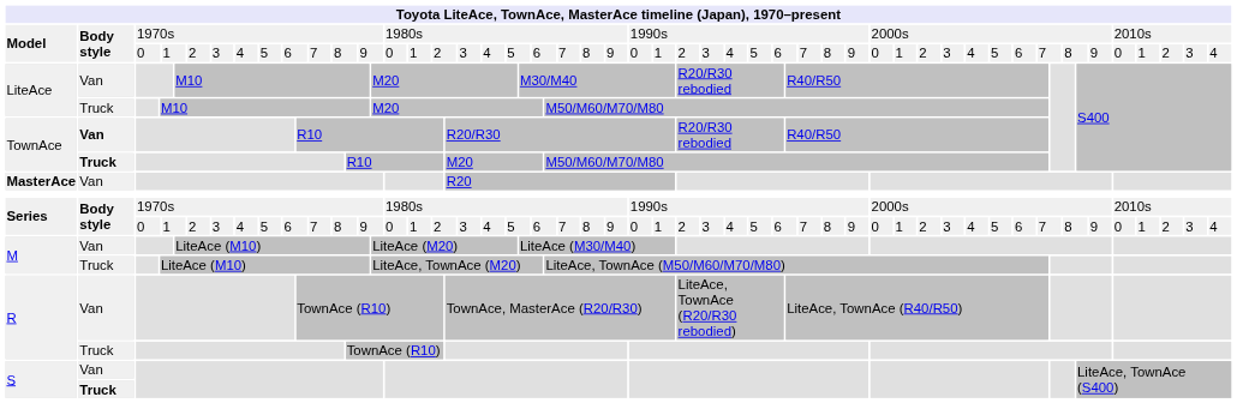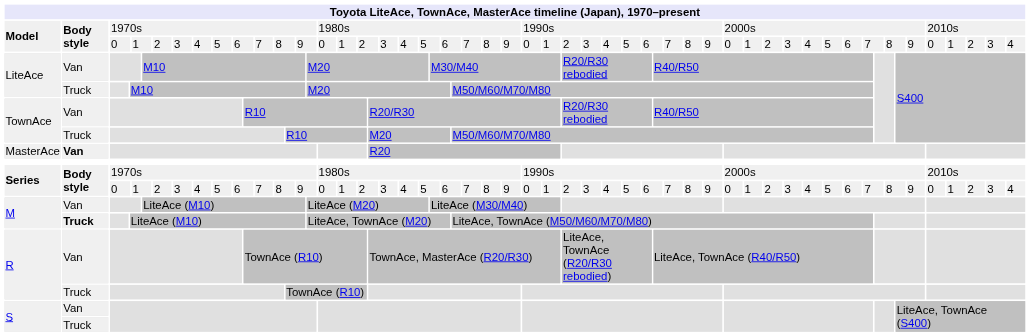 <table class = "toccolours" style="font-size:88%">
 <tr>
 <th colspan = "92" style="background:lavender">Toyota LiteAce, TownAce, MasterAce timeline (Japan), 1970–present</th>
 </tr>
 <tr style="background:#F0F0F0;">
 <td rowspan = 2 width = 5%><strong>Model</strong></td>
 <td rowspan = 2 width = 5%><strong>Body style</strong></td>
 <td colspan = 20 width = 20%>1970s</td>
 <td colspan = 20 width = 20%>1980s</td>
 <td colspan = 20 width = 20%>1990s</td>
 <td colspan = 20 width = 20%>2000s</td>
 <td colspan = 10 width = 20%>2010s</td>
 </tr>
 <tr style="background:#F0F0F0;">
 <td colspan = 2 width = 2%>0</td>
 <td colspan = 2 width = 2%>1</td>
 <td colspan = 2 width = 2%>2</td>
 <td colspan = 2 width = 2%>3</td>
 <td colspan = 2 width = 2%>4</td>
 <td colspan = 2 width = 2%>5</td>
 <td colspan = 2 width = 2%>6</td>
 <td colspan = 2 width = 2%>7</td>
 <td colspan = 2 width = 2%>8</td>
 <td colspan = 2 width = 2%>9</td>
 <td colspan = 2 width = 2%>0</td>
 <td colspan = 2 width = 2%>1</td>
 <td colspan = 2 width = 2%>2</td>
 <td colspan = 2 width = 2%>3</td>
 <td colspan = 2 width = 2%>4</td>
 <td colspan = 2 width = 2%>5</td>
 <td colspan = 2 width = 2%>6</td>
 <td colspan = 2 width = 2%>7</td>
 <td colspan = 2 width = 2%>8</td>
 <td colspan = 2 width = 2%>9</td>
 <td colspan = 2 width = 2%>0</td>
 <td colspan = 2 width = 2%>1</td>
 <td colspan = 2 width = 2%>2</td>
 <td colspan = 2 width = 2%>3</td>
 <td colspan = 2 width = 2%>4</td>
 <td colspan = 2 width = 2%>5</td>
 <td colspan = 2 width = 2%>6</td>
 <td colspan = 2 width = 2%>7</td>
 <td colspan = 2 width = 2%>8</td>
 <td colspan = 2 width = 2%>9</td>
 <td colspan = 2 width = 2%>0</td>
 <td colspan = 2 width = 2%>1</td>
 <td colspan = 2 width = 2%>2</td>
 <td colspan = 2 width = 2%>3</td>
 <td colspan = 2 width = 2%>4</td>
 <td colspan = 2 width = 2%>5</td>
 <td colspan = 2 width = 2%>6</td>
 <td colspan = 2 width = 2%>7</td>
 <td colspan = 2 width = 2%>8</td>
 <td colspan = 2 width = 2%>9</td>
 <td colspan = 2 width = 2%>0</td>
 <td colspan = 2 width = 2%>1</td>
 <td colspan = 2 width = 2%>2</td>
 <td colspan = 2 width = 2%>3</td>
 <td colspan = 2 width = 2%>4</td>
 </tr>
 <tr style="background:#E0E0E0;">
 <td rowspan = 2 style="background:#F0F0F0;">LiteAce</td>
 <td style="background:#F0F0F0;">Van</td>
 <td colspan = 3></td>
 <td colspan = 16 style="background:#C0C0C0;"><a href='#'>M10</a></td>
 <td colspan = 12 style="background:#C0C0C0;"><a href='#'>M20</a></td>
 <td colspan = 13 style="background:#C0C0C0;"><a href='#'>M30/M40</a></td>
 <td colspan = 9 style="background:#C0C0C0;"><a href='#'>R20/R30 rebodied</a></td>
 <td colspan = 22 style="background:#C0C0C0;"><a href='#'>R40/R50</a></td>
 <td colspan = 2 rowspan = 4></td>
 <td colspan = 13 rowspan = 4 style="background:#C0C0C0;"><a href='#'>S400</a></td>
 </tr>
 <tr style="background:#E0E0E0;">
 <td style="background:#F0F0F0;">Truck</td>
 <td colspan = 1></td>
 <td colspan = 18 style="background:#C0C0C0;"><a href='#'>M10</a></td>
 <td colspan = 14 style="background:#C0C0C0;"><a href='#'>M20</a></td>
 <td colspan = 42 style="background:#C0C0C0;"><a href='#'>M50/M60/M70/M80</a></td>
 </tr>
 <tr style="background:#E0E0E0;">
 <td rowspan = 2 style="background:#F0F0F0;">TownAce</td>
-<td style="background:#F0F0F0;"><strong>Van</strong></td>
+<td style="background:#F0F0F0;">Van</td>
 <td colspan = 13></td>
 <td colspan = 12 style="background:#C0C0C0;"><a href='#'>R10</a></td>
 <td colspan = 19 style="background:#C0C0C0;"><a href='#'>R20/R30</a></td>
 <td colspan = 9 style="background:#C0C0C0;"><a href='#'>R20/R30 rebodied</a></td>
 <td colspan = 22 style="background:#C0C0C0;"><a href='#'>R40/R50</a></td>
 </tr>
 <tr style="background:#E0E0E0;">
-<td style="background:#F0F0F0;"><strong>Truck</strong></td>
+<td style="background:#F0F0F0;">Truck</td>
 <td colspan = 17></td>
 <td colspan = 8 style="background:#C0C0C0;"><a href='#'>R10</a></td>
 <td colspan = 8 style="background:#C0C0C0;"><a href='#'>M20</a></td>
 <td colspan = 42 style="background:#C0C0C0;"><a href='#'>M50/M60/M70/M80</a></td>
 </tr>
 <tr style="background:#E0E0E0;">
-<td style="background:#F0F0F0;"><strong>MasterAce</strong></td>
-<td style="background:#F0F0F0;">Van</td>
+<td style="background:#F0F0F0;">MasterAce</td>
+<td style="background:#F0F0F0;"><strong>Van</strong></td>
 <td colspan = 20></td>
 <td colspan = 5></td>
 <td colspan = 19 style="background:#C0C0C0;"><a href='#'>R20</a></td>
 <td colspan = 16></td>
 <td colspan = 20></td>
 <td colspan = 10></td>
 </tr>
 <tr>
 <td colspan = 92><div></div></td>
 </tr>
 <tr style="background:#E0E0E0;">
 </tr>
 <tr style="background:#F0F0F0;">
 <td rowspan = 2 width = 5%><strong>Series</strong></td>
 <td rowspan = 2 width = 5%><strong>Body style</strong></td>
 <td colspan = 20 width = 20%>1970s</td>
 <td colspan = 20 width = 20%>1980s</td>
 <td colspan = 20 width = 20%>1990s</td>
 <td colspan = 20 width = 20%>2000s</td>
 <td colspan = 10 width = 20%>2010s</td>
 </tr>
 <tr style="background:#F0F0F0;">
 <td colspan = 2 width = 2%>0</td>
 <td colspan = 2 width = 2%>1</td>
 <td colspan = 2 width = 2%>2</td>
 <td colspan = 2 width = 2%>3</td>
 <td colspan = 2 width = 2%>4</td>
 <td colspan = 2 width = 2%>5</td>
 <td colspan = 2 width = 2%>6</td>
 <td colspan = 2 width = 2%>7</td>
 <td colspan = 2 width = 2%>8</td>
 <td colspan = 2 width = 2%>9</td>
 <td colspan = 2 width = 2%>0</td>
 <td colspan = 2 width = 2%>1</td>
 <td colspan = 2 width = 2%>2</td>
 <td colspan = 2 width = 2%>3</td>
 <td colspan = 2 width = 2%>4</td>
 <td colspan = 2 width = 2%>5</td>
 <td colspan = 2 width = 2%>6</td>
 <td colspan = 2 width = 2%>7</td>
 <td colspan = 2 width = 2%>8</td>
 <td colspan = 2 width = 2%>9</td>
 <td colspan = 2 width = 2%>0</td>
 <td colspan = 2 width = 2%>1</td>
 <td colspan = 2 width = 2%>2</td>
 <td colspan = 2 width = 2%>3</td>
 <td colspan = 2 width = 2%>4</td>
 <td colspan = 2 width = 2%>5</td>
 <td colspan = 2 width = 2%>6</td>
 <td colspan = 2 width = 2%>7</td>
 <td colspan = 2 width = 2%>8</td>
 <td colspan = 2 width = 2%>9</td>
 <td colspan = 2 width = 2%>0</td>
 <td colspan = 2 width = 2%>1</td>
 <td colspan = 2 width = 2%>2</td>
 <td colspan = 2 width = 2%>3</td>
 <td colspan = 2 width = 2%>4</td>
 <td colspan = 2 width = 2%>5</td>
 <td colspan = 2 width = 2%>6</td>
 <td colspan = 2 width = 2%>7</td>
 <td colspan = 2 width = 2%>8</td>
 <td colspan = 2 width = 2%>9</td>
 <td colspan = 2 width = 2%>0</td>
 <td colspan = 2 width = 2%>1</td>
 <td colspan = 2 width = 2%>2</td>
 <td colspan = 2 width = 2%>3</td>
 <td colspan = 2 width = 2%>4</td>
 </tr>
 <tr style="background:#E0E0E0;">
 <td rowspan = 2 style="background:#F0F0F0;"><a href='#'>M</a></td>
 <td style="background:#F0F0F0;">Van</td>
 <td colspan = 3></td>
 <td colspan = 16 style="background:#C0C0C0;">LiteAce (<a href='#'>M10</a>)</td>
 <td colspan = 12 style="background:#C0C0C0;">LiteAce (<a href='#'>M20</a>)</td>
 <td colspan = 13 style="background:#C0C0C0;">LiteAce (<a href='#'>M30/M40</a>)</td>
 <td colspan = 16></td>
 <td colspan = 20></td>
 <td colspan = 10></td>
 </tr>
 <tr style="background:#E0E0E0;">
-<td style="background:#F0F0F0;">Truck</td>
+<td style="background:#F0F0F0;"><strong>Truck</strong></td>
 <td colspan = 1></td>
 <td colspan = 18 style="background:#C0C0C0;">LiteAce (<a href='#'>M10</a>)</td>
 <td colspan = 14 style="background:#C0C0C0;">LiteAce, TownAce (<a href='#'>M20</a>)</td>
 <td colspan = 42 style="background:#C0C0C0;">LiteAce, TownAce (<a href='#'>M50/M60/M70/M80</a>)</td>
 <td colspan = 5></td>
 <td colspan = 10></td>
 </tr>
 <tr style="background:#E0E0E0;">
 <td rowspan = 2 style="background:#F0F0F0;"><a href='#'>R</a></td>
 <td style="background:#F0F0F0;">Van</td>
 <td colspan = 13></td>
 <td colspan = 12 style="background:#C0C0C0;">TownAce (<a href='#'>R10</a>)</td>
 <td colspan = 19 style="background:#C0C0C0;">TownAce, MasterAce (<a href='#'>R20/R30</a>)</td>
 <td colspan = 9 style="background:#C0C0C0;">LiteAce, TownAce (<a href='#'>R20/R30 rebodied</a>)</td>
 <td colspan = 22 style="background:#C0C0C0;">LiteAce, TownAce (<a href='#'>R40/R50</a>)</td>
 <td colspan = 5></td>
 <td colspan = 10></td>
 </tr>
 <tr style="background:#E0E0E0;">
 <td style="background:#F0F0F0;">Truck</td>
 <td colspan = 17></td>
 <td colspan = 8 style="background:#C0C0C0;">TownAce (<a href='#'>R10</a>)</td>
 <td colspan = 15></td>
 <td colspan = 20></td>
 <td colspan = 20></td>
 <td colspan = 10></td>
 </tr>
 <tr style="background:#E0E0E0;">
 <td rowspan = 2 style="background:#F0F0F0;"><a href='#'>S</a></td>
 <td style="background:#F0F0F0;">Van</td>
 <td colspan = 20 rowspan = 2></td>
 <td colspan = 20 rowspan = 2></td>
 <td colspan = 20 rowspan = 2></td>
 <td colspan = 15 rowspan = 2></td>
 <td colspan = 2 rowspan = 2></td>
 <td colspan = 13 rowspan = 2 style="background:#C0C0C0;">LiteAce, TownAce (<a href='#'>S400</a>)</td>
 </tr>
 <tr style="background:#E0E0E0;">
-<td style="background:#F0F0F0;"><strong>Truck</strong></td>
+<td style="background:#F0F0F0;">Truck</td>
 </tr>
 </table>
